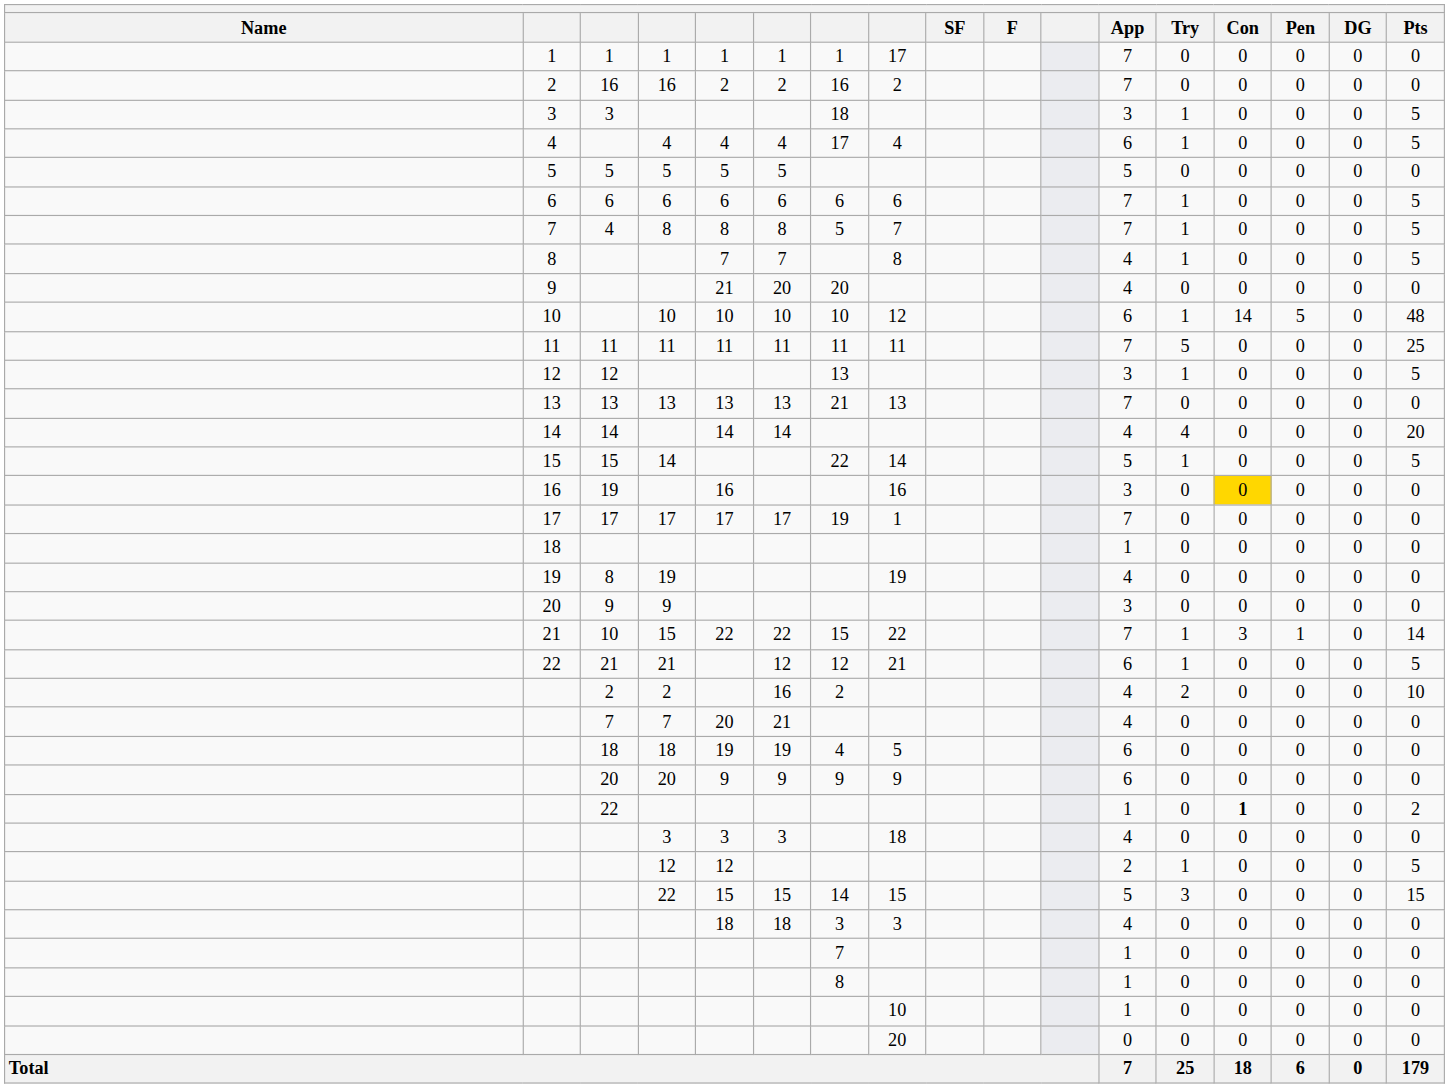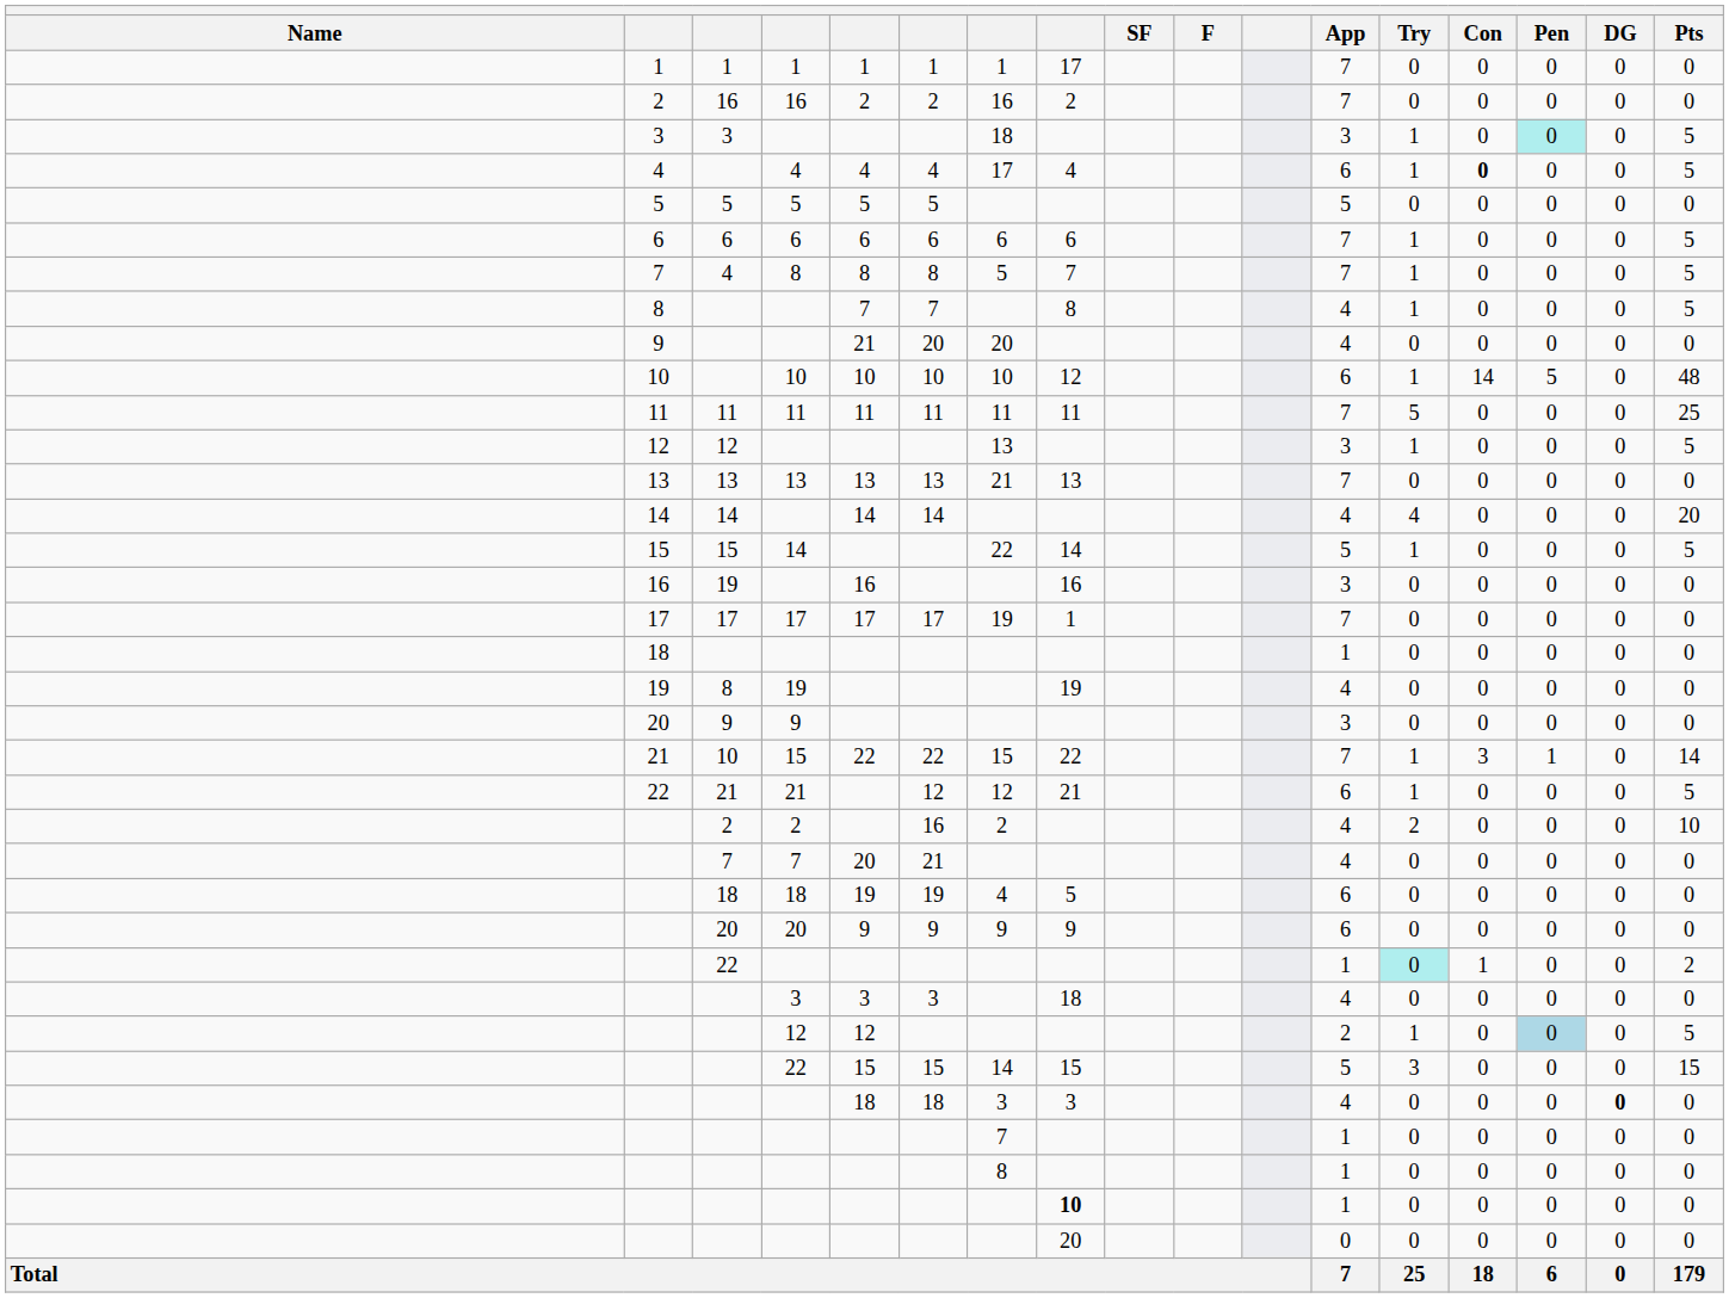 <table class="wikitable collapsible collapsed" style="text-align:center; font-size:100%; width:100%">
 <tr>
 <th colspan="100%"></th>
 </tr>
 <tr>
 <th style="width:36%;">Name</th>
 <th style="width:4%;"></th>
 <th style="width:4%;"></th>
 <th style="width:4%;"></th>
 <th style="width:4%;"></th>
 <th style="width:4%;"></th>
 <th style="width:4%;"></th>
 <th style="width:4%;"></th>
 <th style="width:4%;">SF</th>
 <th style="width:4%;">F</th>
 <th style="width:4%;"></th>
 <th style="width:4%;">App</th>
 <th style="width:4%;">Try</th>
 <th style="width:4%;">Con</th>
 <th style="width:4%;">Pen</th>
 <th style="width:4%;">DG</th>
 <th style="width:4%;">Pts</th>
 </tr>
 <tr>
 <td style="text-align:left;"></td>
 <td>1</td>
 <td>1</td>
 <td>1</td>
 <td>1</td>
 <td>1</td>
 <td>1</td>
 <td>17 </td>
 <td></td>
 <td></td>
 <td style="background:#EBECF0;"></td>
 <td>7</td>
 <td>0</td>
 <td>0</td>
 <td>0</td>
 <td>0</td>
 <td>0</td>
 </tr>
 <tr>
 <td style="text-align:left;"></td>
 <td>2</td>
 <td>16 </td>
 <td>16 </td>
 <td>2</td>
 <td>2</td>
 <td>16 </td>
 <td>2</td>
 <td></td>
 <td></td>
 <td style="background:#EBECF0;"></td>
 <td>7</td>
 <td>0</td>
 <td>0</td>
 <td>0</td>
 <td>0</td>
 <td>0</td>
 </tr>
 <tr>
 <td style="text-align:left;"></td>
 <td>3</td>
 <td>3</td>
 <td></td>
 <td></td>
 <td></td>
 <td>18 </td>
 <td></td>
 <td></td>
 <td></td>
 <td style="background:#EBECF0;"></td>
 <td>3</td>
 <td>1</td>
 <td>0</td>
-<td>0</td>
+<td style="background: paleturquoise;">0</td>
 <td>0</td>
 <td>5</td>
 </tr>
 <tr>
 <td style="text-align:left;"></td>
 <td>4</td>
 <td></td>
 <td>4</td>
 <td>4</td>
 <td>4</td>
 <td>17 </td>
 <td>4</td>
 <td></td>
 <td></td>
 <td style="background:#EBECF0;"></td>
 <td>6</td>
 <td>1</td>
-<td>0</td>
+<td><strong>0</strong></td>
 <td>0</td>
 <td>0</td>
 <td>5</td>
 </tr>
 <tr>
 <td style="text-align:left;"></td>
 <td>5</td>
 <td>5</td>
 <td>5</td>
 <td>5</td>
 <td>5</td>
 <td></td>
 <td></td>
 <td></td>
 <td></td>
 <td style="background:#EBECF0;"></td>
 <td>5</td>
 <td>0</td>
 <td>0</td>
 <td>0</td>
 <td>0</td>
 <td>0</td>
 </tr>
 <tr>
 <td style="text-align:left;"></td>
 <td>6</td>
 <td>6</td>
 <td>6</td>
 <td>6</td>
 <td>6</td>
 <td>6</td>
 <td>6</td>
 <td></td>
 <td></td>
 <td style="background:#EBECF0;"></td>
 <td>7</td>
 <td>1</td>
 <td>0</td>
 <td>0</td>
 <td>0</td>
 <td>5</td>
 </tr>
 <tr>
 <td style="text-align:left;"></td>
 <td>7</td>
 <td>4</td>
 <td>8</td>
 <td>8</td>
 <td>8</td>
 <td>5</td>
 <td>7</td>
 <td></td>
 <td></td>
 <td style="background:#EBECF0;"></td>
 <td>7</td>
 <td>1</td>
 <td>0</td>
 <td>0</td>
 <td>0</td>
 <td>5</td>
 </tr>
 <tr>
 <td style="text-align:left;"></td>
 <td>8</td>
 <td></td>
 <td></td>
 <td>7</td>
 <td>7</td>
 <td></td>
 <td>8</td>
 <td></td>
 <td></td>
 <td style="background:#EBECF0;"></td>
 <td>4</td>
 <td>1</td>
 <td>0</td>
 <td>0</td>
 <td>0</td>
 <td>5</td>
 </tr>
 <tr>
 <td style="text-align:left;"></td>
 <td>9</td>
 <td></td>
 <td></td>
 <td>21 </td>
 <td>20 </td>
 <td>20 </td>
 <td></td>
 <td></td>
 <td></td>
 <td style="background:#EBECF0;"></td>
 <td>4</td>
 <td>0</td>
 <td>0</td>
 <td>0</td>
 <td>0</td>
 <td>0</td>
 </tr>
 <tr>
 <td style="text-align:left;"></td>
 <td>10</td>
 <td></td>
 <td>10</td>
 <td>10</td>
 <td>10</td>
 <td>10</td>
 <td>12</td>
 <td></td>
 <td></td>
 <td style="background:#EBECF0;"></td>
 <td>6</td>
 <td>1</td>
 <td>14</td>
 <td>5</td>
 <td>0</td>
 <td>48</td>
 </tr>
 <tr>
 <td style="text-align:left;"></td>
 <td>11</td>
 <td>11</td>
 <td>11</td>
 <td>11</td>
 <td>11</td>
 <td>11</td>
 <td>11</td>
 <td></td>
 <td></td>
 <td style="background:#EBECF0;"></td>
 <td>7</td>
 <td>5</td>
 <td>0</td>
 <td>0</td>
 <td>0</td>
 <td>25</td>
 </tr>
 <tr>
 <td style="text-align:left;"></td>
 <td>12</td>
 <td>12</td>
 <td></td>
 <td></td>
 <td></td>
 <td>13</td>
 <td></td>
 <td></td>
 <td></td>
 <td style="background:#EBECF0;"></td>
 <td>3</td>
 <td>1</td>
 <td>0</td>
 <td>0</td>
 <td>0</td>
 <td>5</td>
 </tr>
 <tr>
 <td style="text-align:left;"></td>
 <td>13</td>
 <td>13</td>
 <td>13</td>
 <td>13</td>
 <td>13</td>
 <td>21 </td>
 <td>13</td>
 <td></td>
 <td></td>
 <td style="background:#EBECF0;"></td>
 <td>7</td>
 <td>0</td>
 <td>0</td>
 <td>0</td>
 <td>0</td>
 <td>0</td>
 </tr>
 <tr>
 <td style="text-align:left;"></td>
 <td>14</td>
 <td>14</td>
 <td></td>
 <td>14</td>
 <td>14</td>
 <td></td>
 <td></td>
 <td></td>
 <td></td>
 <td style="background:#EBECF0;"></td>
 <td>4</td>
 <td>4</td>
 <td>0</td>
 <td>0</td>
 <td>0</td>
 <td>20</td>
 </tr>
 <tr>
 <td style="text-align:left;"></td>
 <td>15</td>
 <td>15</td>
 <td>14</td>
 <td></td>
 <td></td>
 <td>22 </td>
 <td>14</td>
 <td></td>
 <td></td>
 <td style="background:#EBECF0;"></td>
 <td>5</td>
 <td>1</td>
 <td>0</td>
 <td>0</td>
 <td>0</td>
 <td>5</td>
 </tr>
 <tr>
 <td style="text-align:left;"></td>
 <td>16 </td>
 <td>19</td>
 <td></td>
 <td>16 </td>
 <td></td>
 <td></td>
 <td>16 </td>
 <td></td>
 <td></td>
 <td style="background:#EBECF0;"></td>
 <td>3</td>
 <td>0</td>
-<td style="background: gold;">0</td>
+<td>0</td>
 <td>0</td>
 <td>0</td>
 <td>0</td>
 </tr>
 <tr>
 <td style="text-align:left;"></td>
 <td>17 </td>
 <td>17 </td>
 <td>17 </td>
 <td>17 </td>
 <td>17 </td>
 <td>19 </td>
 <td>1</td>
 <td></td>
 <td></td>
 <td style="background:#EBECF0;"></td>
 <td>7</td>
 <td>0</td>
 <td>0</td>
 <td>0</td>
 <td>0</td>
 <td>0</td>
 </tr>
 <tr>
 <td style="text-align:left;"></td>
 <td>18 </td>
 <td></td>
 <td></td>
 <td></td>
 <td></td>
 <td></td>
 <td></td>
 <td></td>
 <td></td>
 <td style="background:#EBECF0;"></td>
 <td>1</td>
 <td>0</td>
 <td>0</td>
 <td>0</td>
 <td>0</td>
 <td>0</td>
 </tr>
 <tr>
 <td style="text-align:left;"></td>
 <td>19 </td>
 <td>8</td>
 <td>19 </td>
 <td></td>
 <td></td>
 <td></td>
 <td>19 </td>
 <td></td>
 <td></td>
 <td style="background:#EBECF0;"></td>
 <td>4</td>
 <td>0</td>
 <td>0</td>
 <td>0</td>
 <td>0</td>
 <td>0</td>
 </tr>
 <tr>
 <td style="text-align:left;"></td>
 <td>20 </td>
 <td>9</td>
 <td>9</td>
 <td></td>
 <td></td>
 <td></td>
 <td></td>
 <td></td>
 <td></td>
 <td style="background:#EBECF0;"></td>
 <td>3</td>
 <td>0</td>
 <td>0</td>
 <td>0</td>
 <td>0</td>
 <td>0</td>
 </tr>
 <tr>
 <td style="text-align:left;"></td>
 <td>21 </td>
 <td>10</td>
 <td>15</td>
 <td>22 </td>
 <td>22 </td>
 <td>15</td>
 <td>22 </td>
 <td></td>
 <td></td>
 <td style="background:#EBECF0;"></td>
 <td>7</td>
 <td>1</td>
 <td>3</td>
 <td>1</td>
 <td>0</td>
 <td>14</td>
 </tr>
 <tr>
 <td style="text-align:left;"></td>
 <td>22 </td>
 <td>21 </td>
 <td>21 </td>
 <td></td>
 <td>12</td>
 <td>12</td>
 <td>21 </td>
 <td></td>
 <td></td>
 <td style="background:#EBECF0;"></td>
 <td>6</td>
 <td>1</td>
 <td>0</td>
 <td>0</td>
 <td>0</td>
 <td>5</td>
 </tr>
 <tr>
 <td style="text-align:left;"></td>
 <td></td>
 <td>2</td>
 <td>2</td>
 <td></td>
 <td>16 </td>
 <td>2</td>
 <td></td>
 <td></td>
 <td></td>
 <td style="background:#EBECF0;"></td>
 <td>4</td>
 <td>2</td>
 <td>0</td>
 <td>0</td>
 <td>0</td>
 <td>10</td>
 </tr>
 <tr>
 <td style="text-align:left;"></td>
 <td></td>
 <td>7</td>
 <td>7</td>
 <td>20 </td>
 <td>21 </td>
 <td></td>
 <td></td>
 <td></td>
 <td></td>
 <td style="background:#EBECF0;"></td>
 <td>4</td>
 <td>0</td>
 <td>0</td>
 <td>0</td>
 <td>0</td>
 <td>0</td>
 </tr>
 <tr>
 <td style="text-align:left;"></td>
 <td></td>
 <td>18 </td>
 <td>18 </td>
 <td>19 </td>
 <td>19 </td>
 <td>4</td>
 <td>5</td>
 <td></td>
 <td></td>
 <td style="background:#EBECF0;"></td>
 <td>6</td>
 <td>0</td>
 <td>0</td>
 <td>0</td>
 <td>0</td>
 <td>0</td>
 </tr>
 <tr>
 <td style="text-align:left;"></td>
 <td></td>
 <td>20 </td>
 <td>20 </td>
 <td>9</td>
 <td>9</td>
 <td>9</td>
 <td>9</td>
 <td></td>
 <td></td>
 <td style="background:#EBECF0;"></td>
 <td>6</td>
 <td>0</td>
 <td>0</td>
 <td>0</td>
 <td>0</td>
 <td>0</td>
 </tr>
 <tr>
 <td style="text-align:left;"></td>
 <td></td>
 <td>22 </td>
 <td></td>
 <td></td>
 <td></td>
 <td></td>
 <td></td>
 <td></td>
 <td></td>
 <td style="background:#EBECF0;"></td>
 <td>1</td>
-<td>0</td>
-<td><strong>1</strong></td>
+<td style="background: paleturquoise;">0</td>
+<td>1</td>
 <td>0</td>
 <td>0</td>
 <td>2</td>
 </tr>
 <tr>
 <td style="text-align:left;"></td>
 <td></td>
 <td></td>
 <td>3</td>
 <td>3</td>
 <td>3</td>
 <td></td>
 <td>18 </td>
 <td></td>
 <td></td>
 <td style="background:#EBECF0;"></td>
 <td>4</td>
 <td>0</td>
 <td>0</td>
 <td>0</td>
 <td>0</td>
 <td>0</td>
 </tr>
 <tr>
 <td style="text-align:left;"></td>
 <td></td>
 <td></td>
 <td>12</td>
 <td>12</td>
 <td></td>
 <td></td>
 <td></td>
 <td></td>
 <td></td>
 <td style="background:#EBECF0;"></td>
 <td>2</td>
 <td>1</td>
 <td>0</td>
-<td>0</td>
+<td style="background: lightblue;">0</td>
 <td>0</td>
 <td>5</td>
 </tr>
 <tr>
 <td style="text-align:left;"></td>
 <td></td>
 <td></td>
 <td>22 </td>
 <td>15</td>
 <td>15</td>
 <td>14</td>
 <td>15</td>
 <td></td>
 <td></td>
 <td style="background:#EBECF0;"></td>
 <td>5</td>
 <td>3</td>
 <td>0</td>
 <td>0</td>
 <td>0</td>
 <td>15</td>
 </tr>
 <tr>
 <td style="text-align:left;"></td>
 <td></td>
 <td></td>
 <td></td>
 <td>18 </td>
 <td>18 </td>
 <td>3</td>
 <td>3</td>
 <td></td>
 <td></td>
 <td style="background:#EBECF0;"></td>
 <td>4</td>
 <td>0</td>
 <td>0</td>
 <td>0</td>
-<td>0</td>
+<td><strong>0</strong></td>
 <td>0</td>
 </tr>
 <tr>
 <td style="text-align:left;"></td>
 <td></td>
 <td></td>
 <td></td>
 <td></td>
 <td></td>
 <td>7</td>
 <td></td>
 <td></td>
 <td></td>
 <td style="background:#EBECF0;"></td>
 <td>1</td>
 <td>0</td>
 <td>0</td>
 <td>0</td>
 <td>0</td>
 <td>0</td>
 </tr>
 <tr>
 <td style="text-align:left;"></td>
 <td></td>
 <td></td>
 <td></td>
 <td></td>
 <td></td>
 <td>8</td>
 <td></td>
 <td></td>
 <td></td>
 <td style="background:#EBECF0;"></td>
 <td>1</td>
 <td>0</td>
 <td>0</td>
 <td>0</td>
 <td>0</td>
 <td>0</td>
 </tr>
 <tr>
 <td style="text-align:left;"></td>
 <td></td>
 <td></td>
 <td></td>
 <td></td>
 <td></td>
 <td></td>
-<td>10</td>
+<td><strong>10</strong></td>
 <td></td>
 <td></td>
 <td style="background:#EBECF0;"></td>
 <td>1</td>
 <td>0</td>
 <td>0</td>
 <td>0</td>
 <td>0</td>
 <td>0</td>
 </tr>
 <tr>
 <td style="text-align:left;"></td>
 <td></td>
 <td></td>
 <td></td>
 <td></td>
 <td></td>
 <td></td>
 <td>20</td>
 <td></td>
 <td></td>
 <td style="background:#EBECF0;"></td>
 <td>0</td>
 <td>0</td>
 <td>0</td>
 <td>0</td>
 <td>0</td>
 <td>0</td>
 </tr>
 <tr>
 <th colspan="11" style="text-align:left;">Total</th>
 <th>7</th>
 <th>25</th>
 <th>18</th>
 <th>6</th>
 <th>0</th>
 <th>179</th>
 </tr>
 </table>
